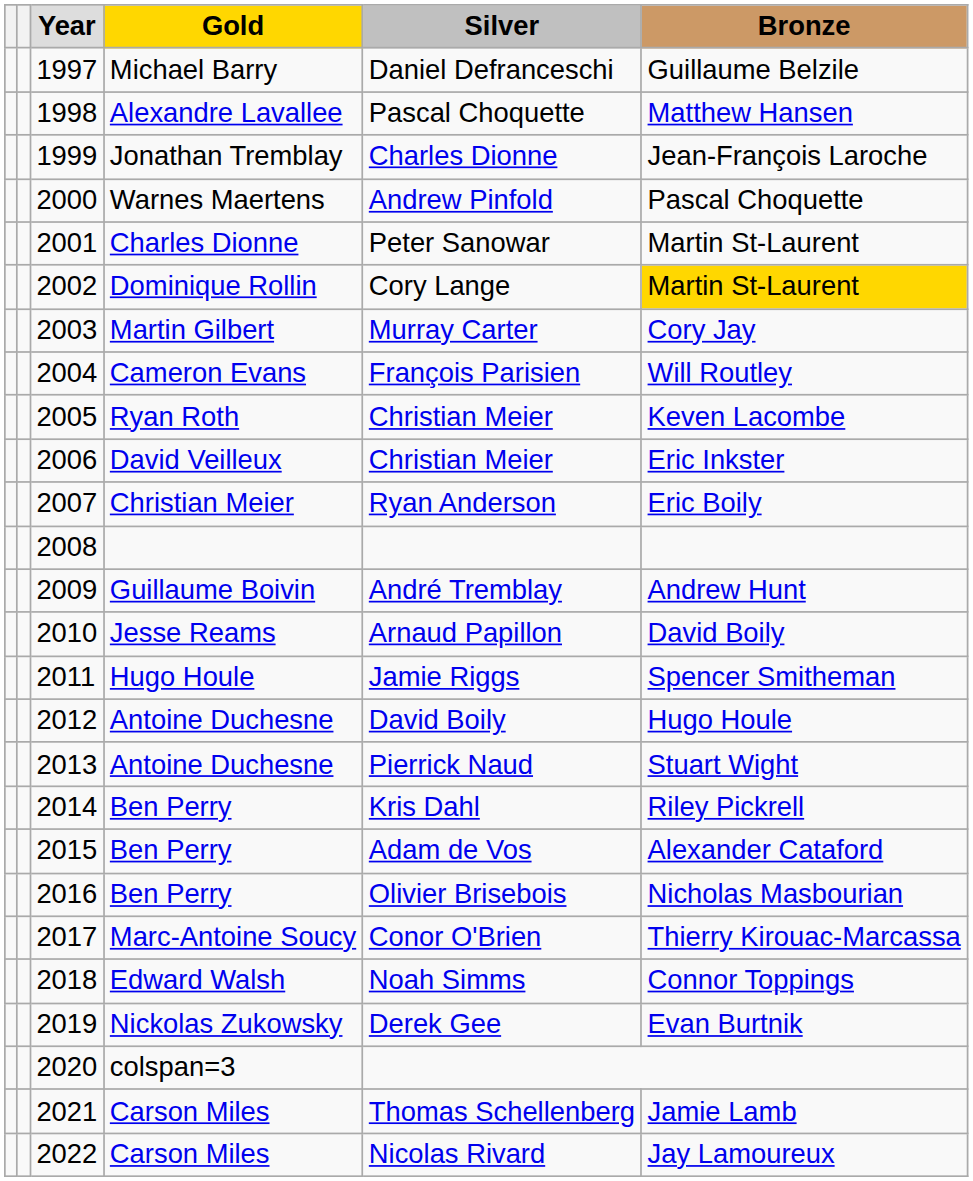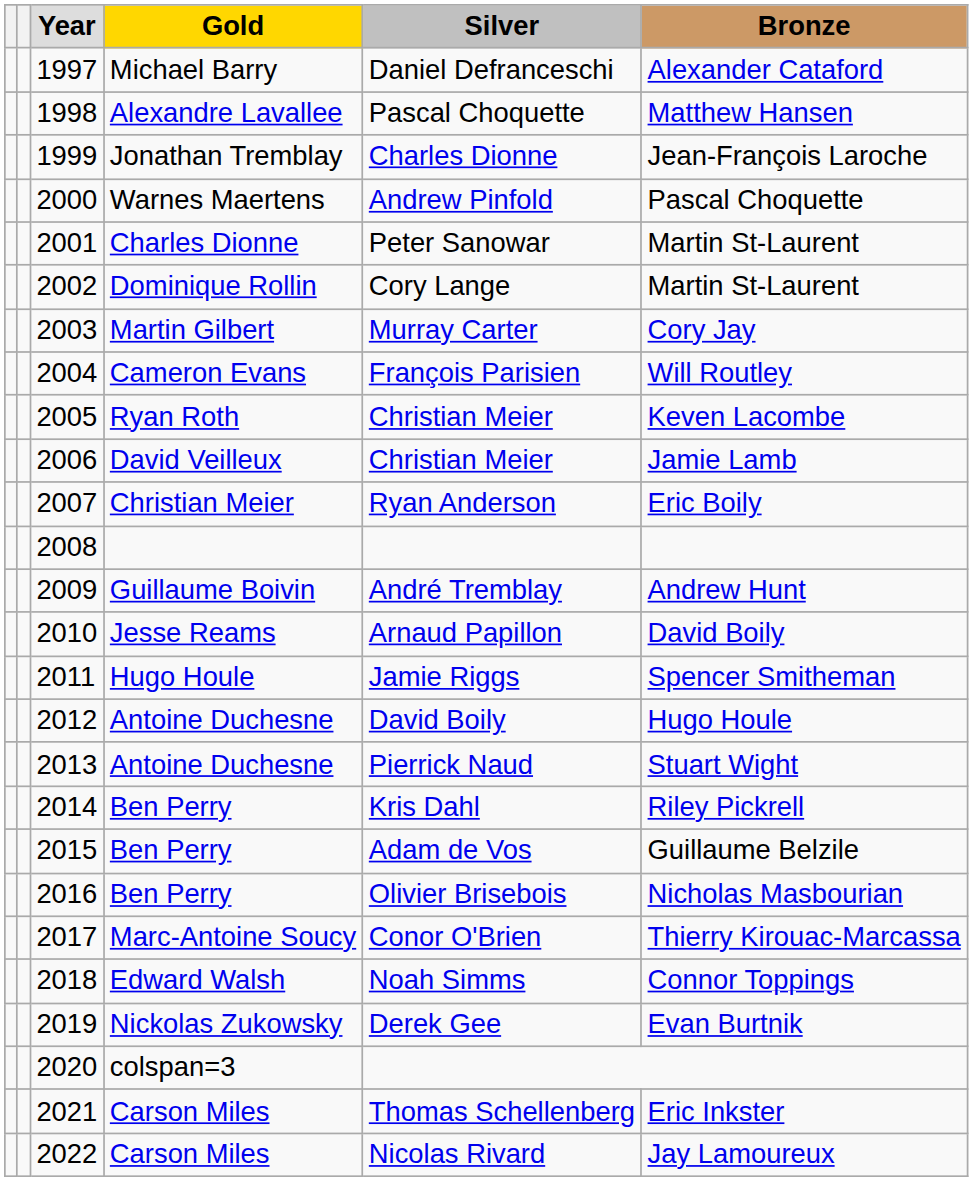 <table class="wikitable">
 <tr>
 <th></th>
 <th></th>
 <th style="background:#DDDDDD;">Year</th>
 <th style="background:gold;">Gold</th>
 <th style="background:silver;">Silver</th>
 <th style="background:#cc9966;">Bronze</th>
 </tr>
 <tr>
 <td></td>
 <td></td>
 <td>1997</td>
 <td>Michael Barry</td>
 <td>Daniel Defranceschi</td>
-<td>Guillaume Belzile</td>
+<td><a href='#'>Alexander Cataford</a></td>
 </tr>
 <tr>
 <td></td>
 <td></td>
 <td>1998</td>
 <td><a href='#'>Alexandre Lavallee</a></td>
 <td>Pascal Choquette</td>
 <td><a href='#'>Matthew Hansen</a></td>
 </tr>
 <tr>
 <td></td>
 <td></td>
 <td>1999</td>
 <td>Jonathan Tremblay</td>
 <td><a href='#'>Charles Dionne</a></td>
 <td>Jean-François Laroche</td>
 </tr>
 <tr>
 <td></td>
 <td></td>
 <td>2000</td>
 <td>Warnes Maertens</td>
 <td><a href='#'>Andrew Pinfold</a></td>
 <td>Pascal Choquette</td>
 </tr>
 <tr>
 <td></td>
 <td></td>
 <td>2001</td>
 <td><a href='#'>Charles Dionne</a></td>
 <td>Peter Sanowar</td>
 <td>Martin St-Laurent</td>
 </tr>
 <tr>
 <td></td>
 <td></td>
 <td>2002</td>
 <td><a href='#'>Dominique Rollin</a></td>
 <td>Cory Lange</td>
-<td style="background: gold;">Martin St-Laurent</td>
+<td>Martin St-Laurent</td>
 </tr>
 <tr>
 <td></td>
 <td></td>
 <td>2003</td>
 <td><a href='#'>Martin Gilbert</a></td>
 <td><a href='#'>Murray Carter</a></td>
 <td><a href='#'>Cory Jay</a></td>
 </tr>
 <tr>
 <td></td>
 <td></td>
 <td>2004</td>
 <td><a href='#'>Cameron Evans</a></td>
 <td><a href='#'>François Parisien</a></td>
 <td><a href='#'>Will Routley</a></td>
 </tr>
 <tr>
 <td></td>
 <td></td>
 <td>2005</td>
 <td><a href='#'>Ryan Roth</a></td>
 <td><a href='#'>Christian Meier</a></td>
 <td><a href='#'>Keven Lacombe</a></td>
 </tr>
 <tr>
 <td></td>
 <td></td>
 <td>2006</td>
 <td><a href='#'>David Veilleux</a></td>
 <td><a href='#'>Christian Meier</a></td>
-<td><a href='#'>Eric Inkster</a></td>
+<td><a href='#'>Jamie Lamb</a></td>
 </tr>
 <tr>
 <td></td>
 <td></td>
 <td>2007</td>
 <td><a href='#'>Christian Meier</a></td>
 <td><a href='#'>Ryan Anderson</a></td>
 <td><a href='#'>Eric Boily</a></td>
 </tr>
 <tr>
 <td></td>
 <td></td>
 <td>2008</td>
 <td></td>
 <td></td>
 <td></td>
 </tr>
 <tr>
 <td></td>
 <td></td>
 <td>2009</td>
 <td><a href='#'>Guillaume Boivin</a></td>
 <td><a href='#'>André Tremblay</a></td>
 <td><a href='#'>Andrew Hunt</a></td>
 </tr>
 <tr>
 <td></td>
 <td></td>
 <td>2010</td>
 <td><a href='#'>Jesse Reams</a></td>
 <td><a href='#'>Arnaud Papillon</a></td>
 <td><a href='#'>David Boily</a></td>
 </tr>
 <tr>
 <td></td>
 <td></td>
 <td>2011</td>
 <td><a href='#'>Hugo Houle</a></td>
 <td><a href='#'>Jamie Riggs</a></td>
 <td><a href='#'>Spencer Smitheman</a></td>
 </tr>
 <tr>
 <td></td>
 <td></td>
 <td>2012</td>
 <td><a href='#'>Antoine Duchesne</a></td>
 <td><a href='#'>David Boily</a></td>
 <td><a href='#'>Hugo Houle</a></td>
 </tr>
 <tr>
 <td></td>
 <td></td>
 <td>2013</td>
 <td><a href='#'>Antoine Duchesne</a></td>
 <td><a href='#'>Pierrick Naud</a></td>
 <td><a href='#'>Stuart Wight</a></td>
 </tr>
 <tr>
 <td></td>
 <td></td>
 <td>2014</td>
 <td><a href='#'>Ben Perry</a></td>
 <td><a href='#'>Kris Dahl</a></td>
 <td><a href='#'>Riley Pickrell</a></td>
 </tr>
 <tr>
 <td></td>
 <td></td>
 <td>2015</td>
 <td><a href='#'>Ben Perry</a></td>
 <td><a href='#'>Adam de Vos</a></td>
-<td><a href='#'>Alexander Cataford</a></td>
+<td>Guillaume Belzile</td>
 </tr>
 <tr>
 <td></td>
 <td></td>
 <td>2016</td>
 <td><a href='#'>Ben Perry</a></td>
 <td><a href='#'>Olivier Brisebois</a></td>
 <td><a href='#'>Nicholas Masbourian</a></td>
 </tr>
 <tr>
 <td></td>
 <td></td>
 <td>2017</td>
 <td><a href='#'>Marc-Antoine Soucy</a></td>
 <td><a href='#'>Conor O'Brien</a></td>
 <td><a href='#'>Thierry Kirouac-Marcassa</a></td>
 </tr>
 <tr>
 <td></td>
 <td></td>
 <td>2018</td>
 <td><a href='#'>Edward Walsh</a></td>
 <td><a href='#'>Noah Simms</a></td>
 <td><a href='#'>Connor Toppings</a></td>
 </tr>
 <tr>
 <td></td>
 <td></td>
 <td>2019</td>
 <td><a href='#'>Nickolas Zukowsky</a></td>
 <td><a href='#'>Derek Gee</a></td>
 <td><a href='#'>Evan Burtnik</a></td>
 </tr>
 <tr>
 <td></td>
 <td></td>
 <td>2020</td>
 <td>colspan=3 </td>
 </tr>
 <tr>
 <td></td>
 <td></td>
 <td>2021</td>
 <td><a href='#'>Carson Miles</a></td>
 <td><a href='#'>Thomas Schellenberg</a></td>
-<td><a href='#'>Jamie Lamb</a></td>
+<td><a href='#'>Eric Inkster</a></td>
 </tr>
 <tr>
 <td></td>
 <td></td>
 <td>2022</td>
 <td><a href='#'>Carson Miles</a></td>
 <td><a href='#'>Nicolas Rivard</a></td>
 <td><a href='#'>Jay Lamoureux</a></td>
 </tr>
 </table>
